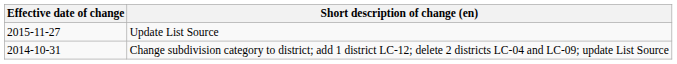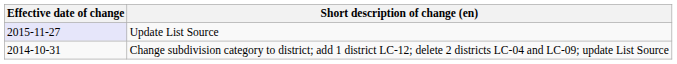 <table class="wikitable">
 <tr>
 <th>Effective date of change</th>
 <th>Short description of change (en)</th>
 </tr>
 <tr>
-<td>2015-11-27</td>
+<td style="background: lavender;">2015-11-27</td>
 <td>Update List Source</td>
 </tr>
 <tr>
 <td>2014-10-31</td>
 <td>Change subdivision category to district; add 1 district LC-12; delete 2 districts LC-04 and LC-09; update List Source</td>
 </tr>
 </table>
